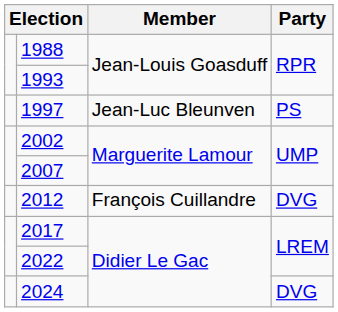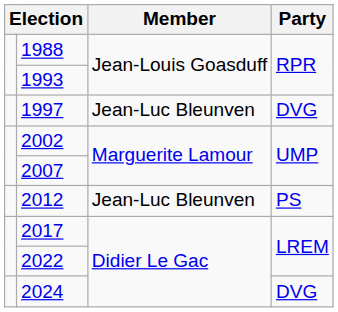 <table class="wikitable">
 <tr>
 <th colspan="2">Election</th>
 <th>Member</th>
 <th>Party</th>
 </tr>
 <tr>
 <td rowspan="2" style="color:inherit;background-color: "></td>
 <td><a href='#'>1988</a></td>
 <td rowspan="2">Jean-Louis Goasduff</td>
 <td rowspan="2"><a href='#'>RPR</a></td>
 </tr>
 <tr>
 <td><a href='#'>1993</a></td>
 </tr>
 <tr>
 <td style="color:inherit;background-color: "></td>
 <td><a href='#'>1997</a></td>
 <td>Jean-Luc Bleunven</td>
-<td><a href='#'>PS</a></td>
+<td><a href='#'>DVG</a></td>
 </tr>
 <tr>
 <td rowspan=2 style="color:inherit;background-color: "></td>
 <td><a href='#'>2002</a></td>
 <td rowspan=2><a href='#'>Marguerite Lamour</a></td>
 <td rowspan=2><a href='#'>UMP</a></td>
 </tr>
 <tr>
 <td><a href='#'>2007</a></td>
 </tr>
 <tr>
 <td style="color:inherit;background-color: "></td>
 <td><a href='#'>2012</a></td>
-<td>François Cuillandre</td>
-<td><a href='#'>DVG</a></td>
+<td>Jean-Luc Bleunven</td>
+<td><a href='#'>PS</a></td>
 </tr>
 <tr>
 <td rowspan="2" style="color:inherit;background-color: "></td>
 <td><a href='#'>2017</a></td>
 <td rowspan="3"><a href='#'>Didier Le Gac</a></td>
 <td rowspan="2"><a href='#'>LREM</a></td>
 </tr>
 <tr>
 <td><a href='#'>2022</a></td>
 </tr>
 <tr>
 <td style="color:inherit;background-color: "></td>
 <td><a href='#'>2024</a></td>
 <td><a href='#'>DVG</a></td>
 </tr>
 </table>
